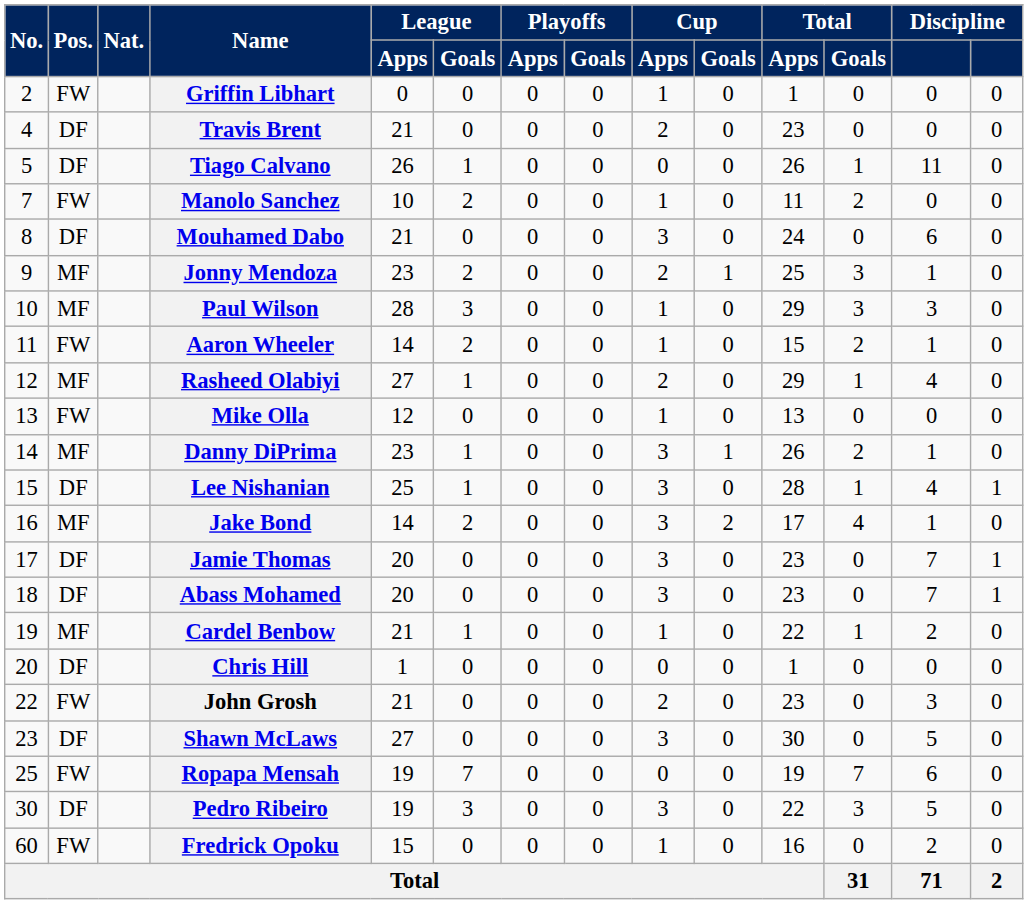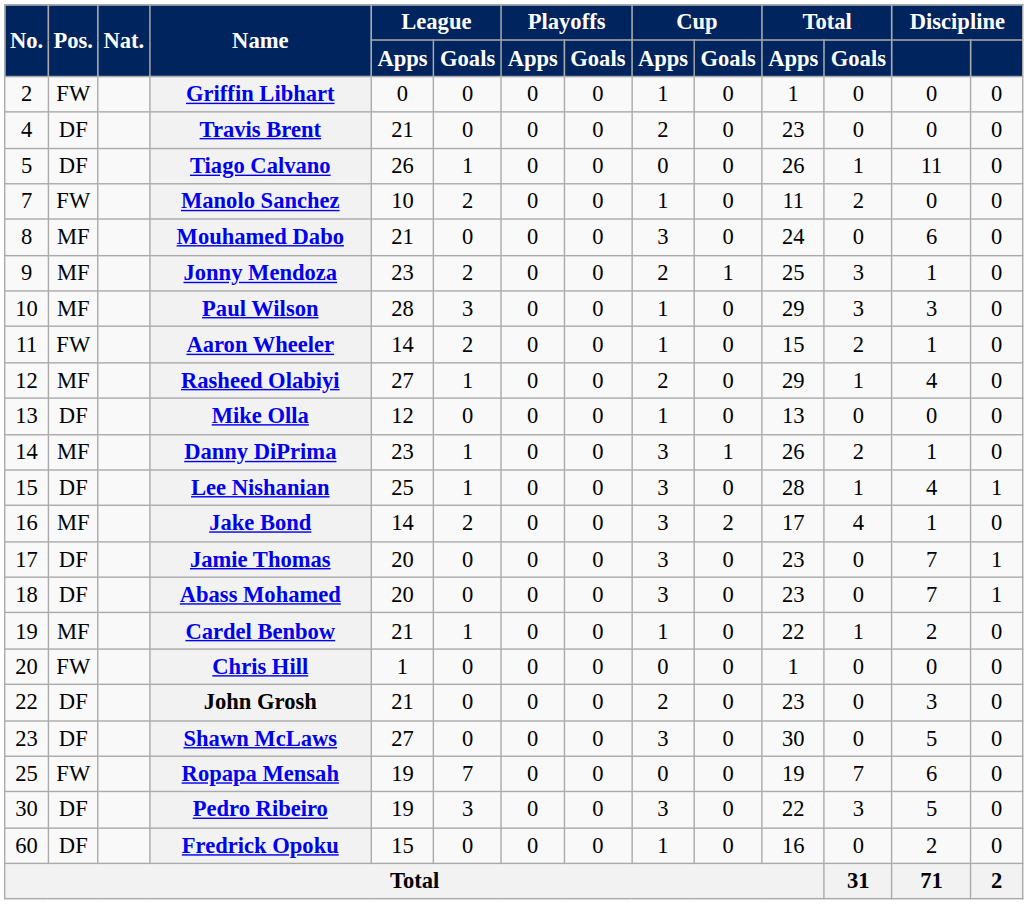 <table class="wikitable plainrowheaders" style="text-align:center">
 <tr>
 <th rowspan=2 style="color:white; background:#00245D;">No.</th>
 <th rowspan=2 style="color:white; background:#00245D;">Pos.</th>
 <th rowspan=2 style="color:white; background:#00245D;">Nat.</th>
 <th rowspan=2 style="color:white; background:#00245D;width:150px;" scope=col>Name</th>
 <th colspan=2 style="color:white; background:#00245D;width:85px;">League</th>
 <th colspan=2 style="color:white; background:#00245D;width:85px;">Playoffs</th>
 <th colspan=2 style="color:white; background:#00245D;width:85px;">Cup</th>
 <th colspan=2 style="color:white; background:#00245D;width:85px;">Total</th>
 <th colspan=2 style="color:white; background:#00245D;width:85px;">Discipline</th>
 </tr>
 <tr>
 <th scope=col style="color:white; background:#00245D;">Apps</th>
 <th scope=col style="color:white; background:#00245D;">Goals</th>
 <th scope=col style="color:white; background:#00245D;">Apps</th>
 <th scope=col style="color:white; background:#00245D;">Goals</th>
 <th scope=col style="color:white; background:#00245D;">Apps</th>
 <th scope=col style="color:white; background:#00245D;">Goals</th>
 <th scope=col style="color:white; background:#00245D;">Apps</th>
 <th scope=col style="color:white; background:#00245D;">Goals</th>
 <th scope=col style="color:white; background:#00245D;"></th>
 <th scope=col style="color:white; background:#00245D;"></th>
 </tr>
 <tr>
 <td>2</td>
 <td>FW</td>
 <td align=left></td>
 <th scope=row><a href='#'>Griffin Libhart</a></th>
 <td>0</td>
 <td>0</td>
 <td>0</td>
 <td>0</td>
 <td>1</td>
 <td>0</td>
 <td>1</td>
 <td>0</td>
 <td>0</td>
 <td>0</td>
 </tr>
 <tr>
 <td>4</td>
 <td>DF</td>
 <td align=left></td>
 <th scope=row><a href='#'>Travis Brent</a></th>
 <td>21</td>
 <td>0</td>
 <td>0</td>
 <td>0</td>
 <td>2</td>
 <td>0</td>
 <td>23</td>
 <td>0</td>
 <td>0</td>
 <td>0</td>
 </tr>
 <tr>
 <td>5</td>
 <td>DF</td>
 <td align=left></td>
 <th scope=row><a href='#'>Tiago Calvano</a></th>
 <td>26</td>
 <td>1</td>
 <td>0</td>
 <td>0</td>
 <td>0</td>
 <td>0</td>
 <td>26</td>
 <td>1</td>
 <td>11</td>
 <td>0</td>
 </tr>
 <tr>
 <td>7</td>
 <td>FW</td>
 <td align=left></td>
 <th scope=row><a href='#'>Manolo Sanchez</a></th>
 <td>10</td>
 <td>2</td>
 <td>0</td>
 <td>0</td>
 <td>1</td>
 <td>0</td>
 <td>11</td>
 <td>2</td>
 <td>0</td>
 <td>0</td>
 </tr>
 <tr>
 <td>8</td>
-<td>DF</td>
+<td>MF</td>
 <td align=left></td>
 <th scope=row><a href='#'>Mouhamed Dabo</a></th>
 <td>21</td>
 <td>0</td>
 <td>0</td>
 <td>0</td>
 <td>3</td>
 <td>0</td>
 <td>24</td>
 <td>0</td>
 <td>6</td>
 <td>0</td>
 </tr>
 <tr>
 <td>9</td>
 <td>MF</td>
 <td align=left></td>
 <th scope=row><a href='#'>Jonny Mendoza</a></th>
 <td>23</td>
 <td>2</td>
 <td>0</td>
 <td>0</td>
 <td>2</td>
 <td>1</td>
 <td>25</td>
 <td>3</td>
 <td>1</td>
 <td>0</td>
 </tr>
 <tr>
 <td>10</td>
 <td>MF</td>
 <td align=left></td>
 <th scope=row><a href='#'>Paul Wilson</a></th>
 <td>28</td>
 <td>3</td>
 <td>0</td>
 <td>0</td>
 <td>1</td>
 <td>0</td>
 <td>29</td>
 <td>3</td>
 <td>3</td>
 <td>0</td>
 </tr>
 <tr>
 <td>11</td>
 <td>FW</td>
 <td align=left></td>
 <th scope=row><a href='#'>Aaron Wheeler</a></th>
 <td>14</td>
 <td>2</td>
 <td>0</td>
 <td>0</td>
 <td>1</td>
 <td>0</td>
 <td>15</td>
 <td>2</td>
 <td>1</td>
 <td>0</td>
 </tr>
 <tr>
 <td>12</td>
 <td>MF</td>
 <td align=left></td>
 <th scope=row><a href='#'>Rasheed Olabiyi</a></th>
 <td>27</td>
 <td>1</td>
 <td>0</td>
 <td>0</td>
 <td>2</td>
 <td>0</td>
 <td>29</td>
 <td>1</td>
 <td>4</td>
 <td>0</td>
 </tr>
 <tr>
 <td>13</td>
-<td>FW</td>
+<td>DF</td>
 <td align=left></td>
 <th scope=row><a href='#'>Mike Olla</a></th>
 <td>12</td>
 <td>0</td>
 <td>0</td>
 <td>0</td>
 <td>1</td>
 <td>0</td>
 <td>13</td>
 <td>0</td>
 <td>0</td>
 <td>0</td>
 </tr>
 <tr>
 <td>14</td>
 <td>MF</td>
 <td align=left></td>
 <th scope=row><a href='#'>Danny DiPrima</a></th>
 <td>23</td>
 <td>1</td>
 <td>0</td>
 <td>0</td>
 <td>3</td>
 <td>1</td>
 <td>26</td>
 <td>2</td>
 <td>1</td>
 <td>0</td>
 </tr>
 <tr>
 <td>15</td>
 <td>DF</td>
 <td align=left></td>
 <th scope=row><a href='#'>Lee Nishanian</a></th>
 <td>25</td>
 <td>1</td>
 <td>0</td>
 <td>0</td>
 <td>3</td>
 <td>0</td>
 <td>28</td>
 <td>1</td>
 <td>4</td>
 <td>1</td>
 </tr>
 <tr>
 <td>16</td>
 <td>MF</td>
 <td align=left></td>
 <th scope=row><a href='#'>Jake Bond</a></th>
 <td>14</td>
 <td>2</td>
 <td>0</td>
 <td>0</td>
 <td>3</td>
 <td>2</td>
 <td>17</td>
 <td>4</td>
 <td>1</td>
 <td>0</td>
 </tr>
 <tr>
 <td>17</td>
 <td>DF</td>
 <td align=left></td>
 <th scope=row><a href='#'>Jamie Thomas</a></th>
 <td>20</td>
 <td>0</td>
 <td>0</td>
 <td>0</td>
 <td>3</td>
 <td>0</td>
 <td>23</td>
 <td>0</td>
 <td>7</td>
 <td>1</td>
 </tr>
 <tr>
 <td>18</td>
 <td>DF</td>
 <td align=left></td>
 <th scope=row><a href='#'>Abass Mohamed</a></th>
 <td>20</td>
 <td>0</td>
 <td>0</td>
 <td>0</td>
 <td>3</td>
 <td>0</td>
 <td>23</td>
 <td>0</td>
 <td>7</td>
 <td>1</td>
 </tr>
 <tr>
 <td>19</td>
 <td>MF</td>
 <td align=left></td>
 <th scope=row><a href='#'>Cardel Benbow</a></th>
 <td>21</td>
 <td>1</td>
 <td>0</td>
 <td>0</td>
 <td>1</td>
 <td>0</td>
 <td>22</td>
 <td>1</td>
 <td>2</td>
 <td>0</td>
 </tr>
 <tr>
 <td>20</td>
-<td>DF</td>
+<td>FW</td>
 <td align=left></td>
 <th scope=row><a href='#'>Chris Hill</a></th>
 <td>1</td>
 <td>0</td>
 <td>0</td>
 <td>0</td>
 <td>0</td>
 <td>0</td>
 <td>1</td>
 <td>0</td>
 <td>0</td>
 <td>0</td>
 </tr>
 <tr>
 <td>22</td>
-<td>FW</td>
+<td>DF</td>
 <td align=left></td>
 <th scope=row>John Grosh</th>
 <td>21</td>
 <td>0</td>
 <td>0</td>
 <td>0</td>
 <td>2</td>
 <td>0</td>
 <td>23</td>
 <td>0</td>
 <td>3</td>
 <td>0</td>
 </tr>
 <tr>
 <td>23</td>
 <td>DF</td>
 <td align=left></td>
 <th scope=row><a href='#'>Shawn McLaws</a></th>
 <td>27</td>
 <td>0</td>
 <td>0</td>
 <td>0</td>
 <td>3</td>
 <td>0</td>
 <td>30</td>
 <td>0</td>
 <td>5</td>
 <td>0</td>
 </tr>
 <tr>
 <td>25</td>
 <td>FW</td>
 <td align=left></td>
 <th scope=row><a href='#'>Ropapa Mensah</a></th>
 <td>19</td>
 <td>7</td>
 <td>0</td>
 <td>0</td>
 <td>0</td>
 <td>0</td>
 <td>19</td>
 <td>7</td>
 <td>6</td>
 <td>0</td>
 </tr>
 <tr>
 <td>30</td>
 <td>DF</td>
 <td align=left></td>
 <th scope=row><a href='#'>Pedro Ribeiro</a></th>
 <td>19</td>
 <td>3</td>
 <td>0</td>
 <td>0</td>
 <td>3</td>
 <td>0</td>
 <td>22</td>
 <td>3</td>
 <td>5</td>
 <td>0</td>
 </tr>
 <tr>
 <td>60</td>
-<td>FW</td>
+<td>DF</td>
 <td align=left></td>
 <th scope=row><a href='#'>Fredrick Opoku</a></th>
 <td>15</td>
 <td>0</td>
 <td>0</td>
 <td>0</td>
 <td>1</td>
 <td>0</td>
 <td>16</td>
 <td>0</td>
 <td>2</td>
 <td>0</td>
 </tr>
 <tr>
 <th colspan=11><strong>Total</strong></th>
 <th><strong>31</strong></th>
 <th><strong>71</strong></th>
 <th><strong>2</strong></th>
 </tr>
 </table>
